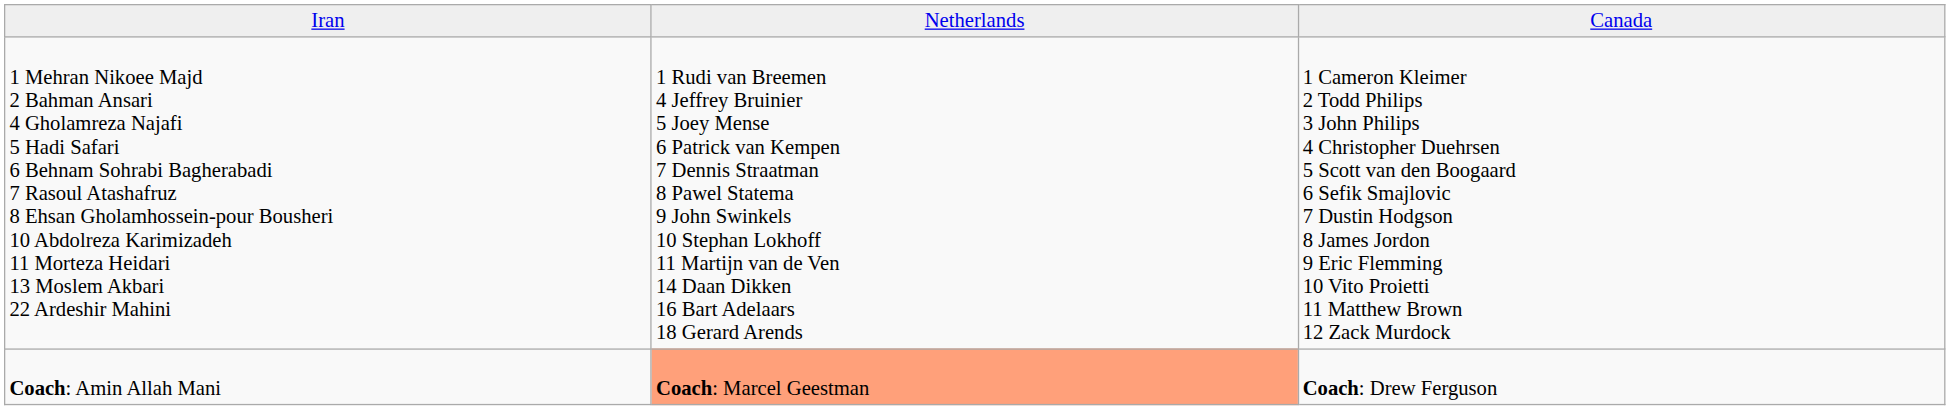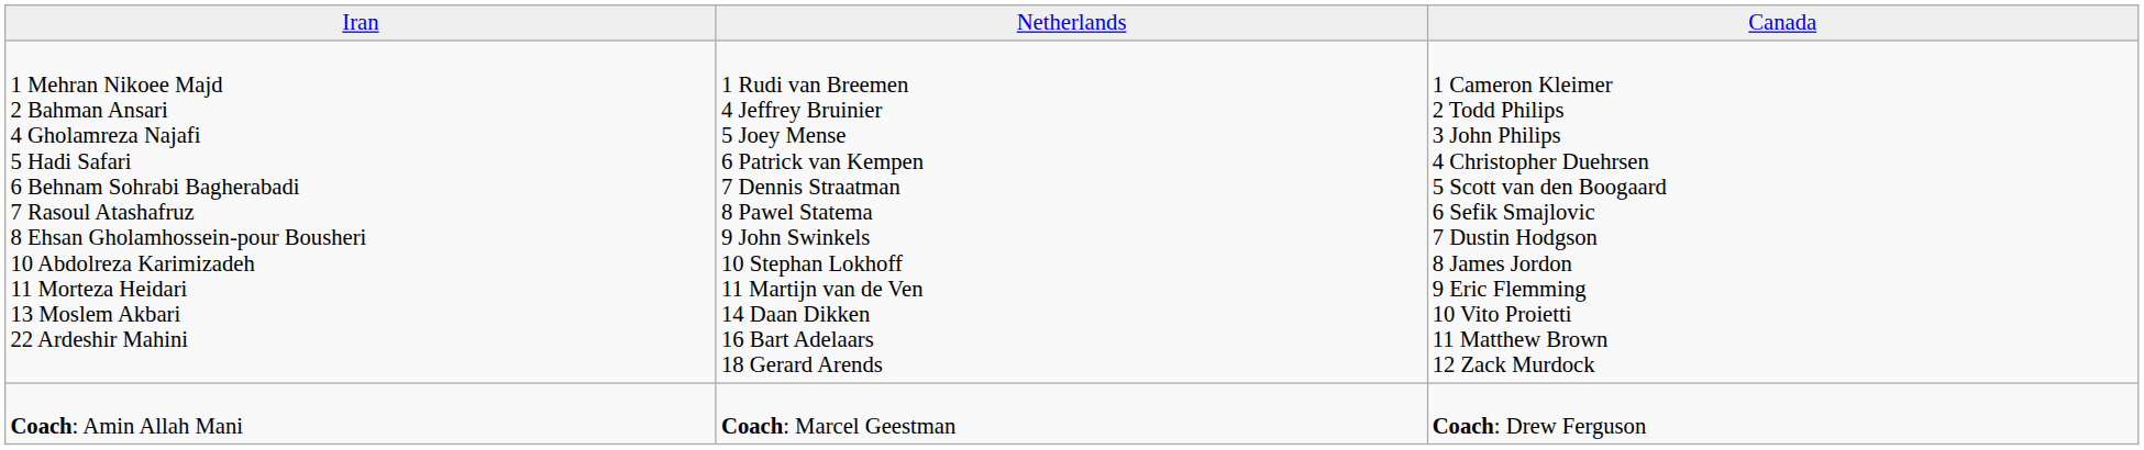 <table class="wikitable mw-collapsible mw-collapsed" cellpadding=5 cellspacing=0 style="width:95%">
 <tr align=center>
 <td bgcolor="#efefef" width="200"> <a href='#'>Iran</a></td>
 <td bgcolor="#efefef" width="200"> <a href='#'>Netherlands</a></td>
 <td bgcolor="#efefef" width="200"> <a href='#'>Canada</a></td>
 </tr>
 <tr valign=top>
 <td><br>1 Mehran Nikoee Majd<br> 2 Bahman Ansari<br> 4 Gholamreza Najafi<br> 5 Hadi Safari<br> 6 Behnam Sohrabi Bagherabadi<br> 7 Rasoul Atashafruz<br> 8 Ehsan Gholamhossein-pour Bousheri<br> 10 Abdolreza Karimizadeh<br> 11 Morteza Heidari<br> 13 Moslem Akbari<br> 22 Ardeshir Mahini</td>
 <td><br>1 Rudi van Breemen<br> 4 Jeffrey Bruinier<br> 5 Joey Mense<br> 6 Patrick van Kempen<br> 7 Dennis Straatman<br> 8 Pawel Statema<br> 9 John Swinkels<br> 10 Stephan Lokhoff<br> 11 Martijn van de Ven<br> 14 Daan Dikken<br> 16 Bart Adelaars<br> 18 Gerard Arends</td>
 <td><br>1 Cameron Kleimer<br> 2 Todd Philips<br> 3 John Philips<br> 4 Christopher Duehrsen<br> 5 Scott van den Boogaard<br> 6 Sefik Smajlovic<br> 7 Dustin Hodgson<br> 8 James Jordon<br> 9 Eric Flemming<br> 10 Vito Proietti<br> 11 Matthew Brown<br> 12 Zack Murdock</td>
 </tr>
 <tr valign=top>
 <td><br><strong>Coach</strong>: Amin Allah Mani</td>
-<td style="background: lightsalmon;"><br><strong>Coach</strong>: Marcel Geestman</td>
+<td><br><strong>Coach</strong>: Marcel Geestman</td>
 <td><br><strong>Coach</strong>: Drew Ferguson</td>
 </tr>
 </table>
